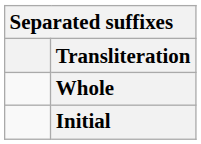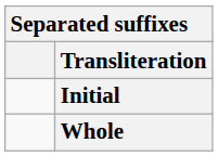 <table class="wikitable" style="text-align: center; display: inline-table;">
 <tr>
 <th colspan="2" style="text-align: left">Separated suffixes</th>
 </tr>
 <tr>
 <th style="min-width: 1.75em"></th>
 <th style="text-align: left">Transliteration</th>
 </tr>
 <tr>
 <td> </td>
-<th style="text-align: left">Whole</th>
+<th style="text-align: left">Initial</th>
 </tr>
 <tr>
 <td> </td>
-<th style="text-align: left">Initial</th>
+<th style="text-align: left">Whole</th>
 </tr>
 </table>
